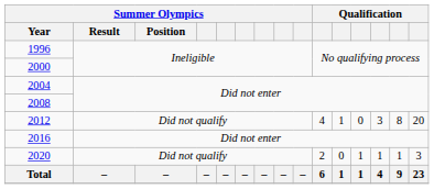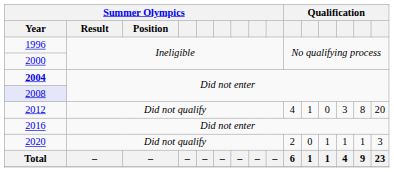 <table class="wikitable" style="text-align:center;">
 <tr>
 <th colspan="9"><a href='#'>Summer Olympics</a></th>
 <th colspan="6">Qualification</th>
 </tr>
 <tr>
 <th style="width:90px;">Year</th>
 <th style="width:80px;">Result</th>
 <th style="width:80px;">Position</th>
 <th style="width:20px;"></th>
 <th style="width:20px;"></th>
 <th style="width:20px;"></th>
 <th style="width:20px;"></th>
 <th style="width:20px;"></th>
 <th style="width:20px;"></th>
 <th style="width:20px;"></th>
 <th style="width:20px;"></th>
 <th style="width:20px;"></th>
 <th style="width:20px;"></th>
 <th style="width:20px;"></th>
 <th style="width:20px;"></th>
 </tr>
 <tr>
 <td> <a href='#'>1996</a></td>
 <td rowspan="2" colspan="8"><em>Ineligible</em></td>
 <td rowspan="2" colspan="6"><em>No qualifying process</em></td>
 </tr>
 <tr>
 <td> <a href='#'>2000</a></td>
 </tr>
 <tr>
-<td> <a href='#'>2004</a></td>
+<td><strong> <a href='#'>2004</a></strong></td>
 <td rowspan="2" colspan="14"><em>Did not enter</em></td>
 </tr>
 <tr>
-<td> <a href='#'>2008</a></td>
+<td style="background: lavender;"> <a href='#'>2008</a></td>
 </tr>
 <tr>
 <td> <a href='#'>2012</a></td>
 <td colspan="8"><em>Did not qualify</em></td>
 <td>4</td>
 <td>1</td>
 <td>0</td>
 <td>3</td>
 <td>8</td>
 <td>20</td>
 </tr>
 <tr>
 <td> <a href='#'>2016</a></td>
 <td colspan="14"><em>Did not enter</em></td>
 </tr>
 <tr>
 <td> <a href='#'>2020</a></td>
 <td colspan="8"><em>Did not qualify</em></td>
 <td>2</td>
 <td>0</td>
 <td>1</td>
 <td>1</td>
 <td>1</td>
 <td>3</td>
 </tr>
 <tr>
 <th>Total</th>
 <th>–</th>
 <th>–</th>
 <th>–</th>
 <th>–</th>
 <th>–</th>
 <th>–</th>
 <th>–</th>
 <th>–</th>
 <th>6</th>
 <th>1</th>
 <th>1</th>
 <th>4</th>
 <th>9</th>
 <th>23</th>
 </tr>
 <tr>
 </tr>
 </table>
